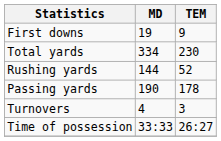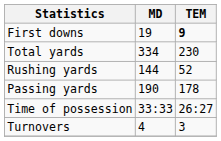 <table class="wikitable">
 <tr>
 <th>Statistics</th>
 <th>MD</th>
 <th>TEM</th>
 </tr>
 <tr>
 <td>First downs</td>
 <td>19</td>
-<td>9</td>
+<td><strong>9</strong></td>
 </tr>
 <tr>
 <td>Total yards</td>
 <td>334</td>
 <td>230</td>
 </tr>
 <tr>
 <td>Rushing yards</td>
 <td>144</td>
 <td>52</td>
 </tr>
 <tr>
 <td>Passing yards</td>
 <td>190</td>
 <td>178</td>
 </tr>
 <tr>
+<td>Time of possession</td>
+<td>33:33</td>
+<td>26:27</td>
+</tr>
+<tr>
 <td>Turnovers</td>
 <td>4</td>
 <td>3</td>
 </tr>
 <tr>
-<td>Time of possession</td>
-<td>33:33</td>
-<td>26:27</td>
-</tr>
-<tr>
 </tr>
 </table>
